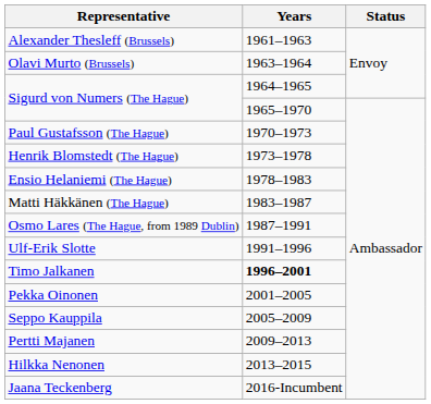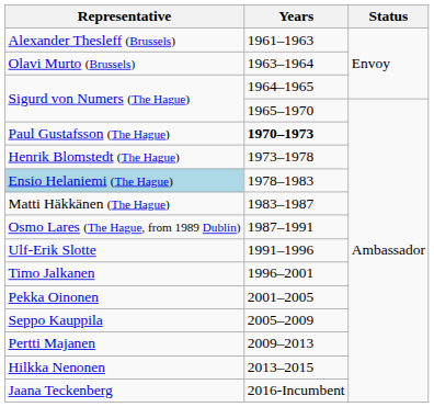 <table class="wikitable sortable">
 <tr>
 <th>Representative</th>
 <th>Years</th>
 <th>Status</th>
 </tr>
 <tr>
 <td><a href='#'>Alexander Thesleff</a> <small>(<a href='#'>Brussels</a>)</small></td>
 <td>1961–1963</td>
 <td rowspan="3">Envoy</td>
 </tr>
 <tr>
 <td><a href='#'>Olavi Murto</a> <small>(<a href='#'>Brussels</a>)</small></td>
 <td>1963–1964</td>
 </tr>
 <tr>
 <td rowspan="2"><a href='#'>Sigurd von Numers</a> <small>(<a href='#'>The Hague</a>)</small></td>
 <td>1964–1965</td>
 </tr>
 <tr>
 <td>1965–1970</td>
 <td rowspan="13">Ambassador</td>
 </tr>
 <tr>
 <td><a href='#'>Paul Gustafsson</a> <small>(<a href='#'>The Hague</a>)</small></td>
-<td>1970–1973</td>
+<td><strong>1970–1973</strong></td>
 </tr>
 <tr>
 <td><a href='#'>Henrik Blomstedt</a> <small>(<a href='#'>The Hague</a>)</small></td>
 <td>1973–1978</td>
 </tr>
 <tr>
-<td><a href='#'>Ensio Helaniemi</a> <small>(<a href='#'>The Hague</a>)</small></td>
+<td style="background: lightblue;"><a href='#'>Ensio Helaniemi</a> <small>(<a href='#'>The Hague</a>)</small></td>
 <td>1978–1983</td>
 </tr>
 <tr>
 <td>Matti Häkkänen <small>(<a href='#'>The Hague</a>)</small></td>
 <td>1983–1987</td>
 </tr>
 <tr>
 <td><a href='#'>Osmo Lares</a> <small>(<a href='#'>The Hague</a>, from 1989 <a href='#'>Dublin</a>)</small></td>
 <td>1987–1991</td>
 </tr>
 <tr>
 <td><a href='#'>Ulf-Erik Slotte</a></td>
 <td>1991–1996</td>
 </tr>
 <tr>
 <td><a href='#'>Timo Jalkanen</a></td>
-<td><strong>1996–2001</strong></td>
+<td>1996–2001</td>
 </tr>
 <tr>
 <td><a href='#'>Pekka Oinonen</a></td>
 <td>2001–2005</td>
 </tr>
 <tr>
 <td><a href='#'>Seppo Kauppila</a></td>
 <td>2005–2009</td>
 </tr>
 <tr>
 <td><a href='#'>Pertti Majanen</a></td>
 <td>2009–2013</td>
 </tr>
 <tr>
 <td><a href='#'>Hilkka Nenonen</a></td>
 <td>2013–2015</td>
 </tr>
 <tr>
 <td><a href='#'>Jaana Teckenberg</a></td>
 <td>2016-Incumbent</td>
 </tr>
 </table>
